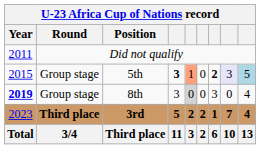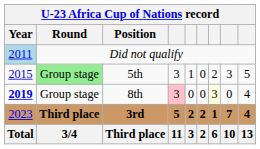 <table class="wikitable" style="text-align: center;font-size:90%;">
 <tr>
 <th colspan=9><a href='#'>U-23 Africa Cup of Nations</a> record</th>
 </tr>
 <tr>
 <th>Year</th>
 <th>Round</th>
 <th>Position</th>
 <th></th>
 <th></th>
 <th></th>
 <th></th>
 <th></th>
 <th></th>
 </tr>
 <tr>
-<td> <a href='#'>2011</a></td>
+<td style="background: lightblue;"> <a href='#'>2011</a></td>
 <td colspan=8><em>Did not qualify</em></td>
 </tr>
 <tr>
 <td> <a href='#'>2015</a></td>
-<td>Group stage</td>
+<td style="background: lightgreen;">Group stage</td>
 <td>5th</td>
-<td><strong>3</strong></td>
-<td style="background: lightsalmon;">1</td>
+<td>3</td>
+<td>1</td>
 <td>0</td>
-<td><strong>2</strong></td>
-<td style="background: lavender;">3</td>
-<td style="background: lightblue;">5</td>
+<td>2</td>
+<td>3</td>
+<td>5</td>
 </tr>
 <tr>
 <td><strong> <a href='#'>2019</a></strong></td>
 <td>Group stage</td>
 <td>8th</td>
-<td>3</td>
-<td style="background: lightgrey;">0</td>
+<td style="background: pink;">3</td>
 <td>0</td>
-<td>3</td>
+<td>0</td>
+<td style="background: lightyellow;">3</td>
 <td>0</td>
 <td>4</td>
 </tr>
 <tr style="background-color:#cc9966;">
 <td> <a href='#'>2023</a></td>
 <td><strong>Third place</strong></td>
 <td><strong>3rd</strong></td>
 <td><strong>5</strong></td>
 <td><strong>2</strong></td>
 <td><strong>2</strong></td>
 <td><strong>1</strong></td>
 <td><strong>7</strong></td>
 <td><strong>4</strong></td>
 </tr>
 <tr>
 <th>Total</th>
 <th>3/4</th>
 <th>Third place</th>
 <th>11</th>
 <th>3</th>
 <th>2</th>
 <th>6</th>
 <th>10</th>
 <th>13</th>
 </tr>
 </table>
